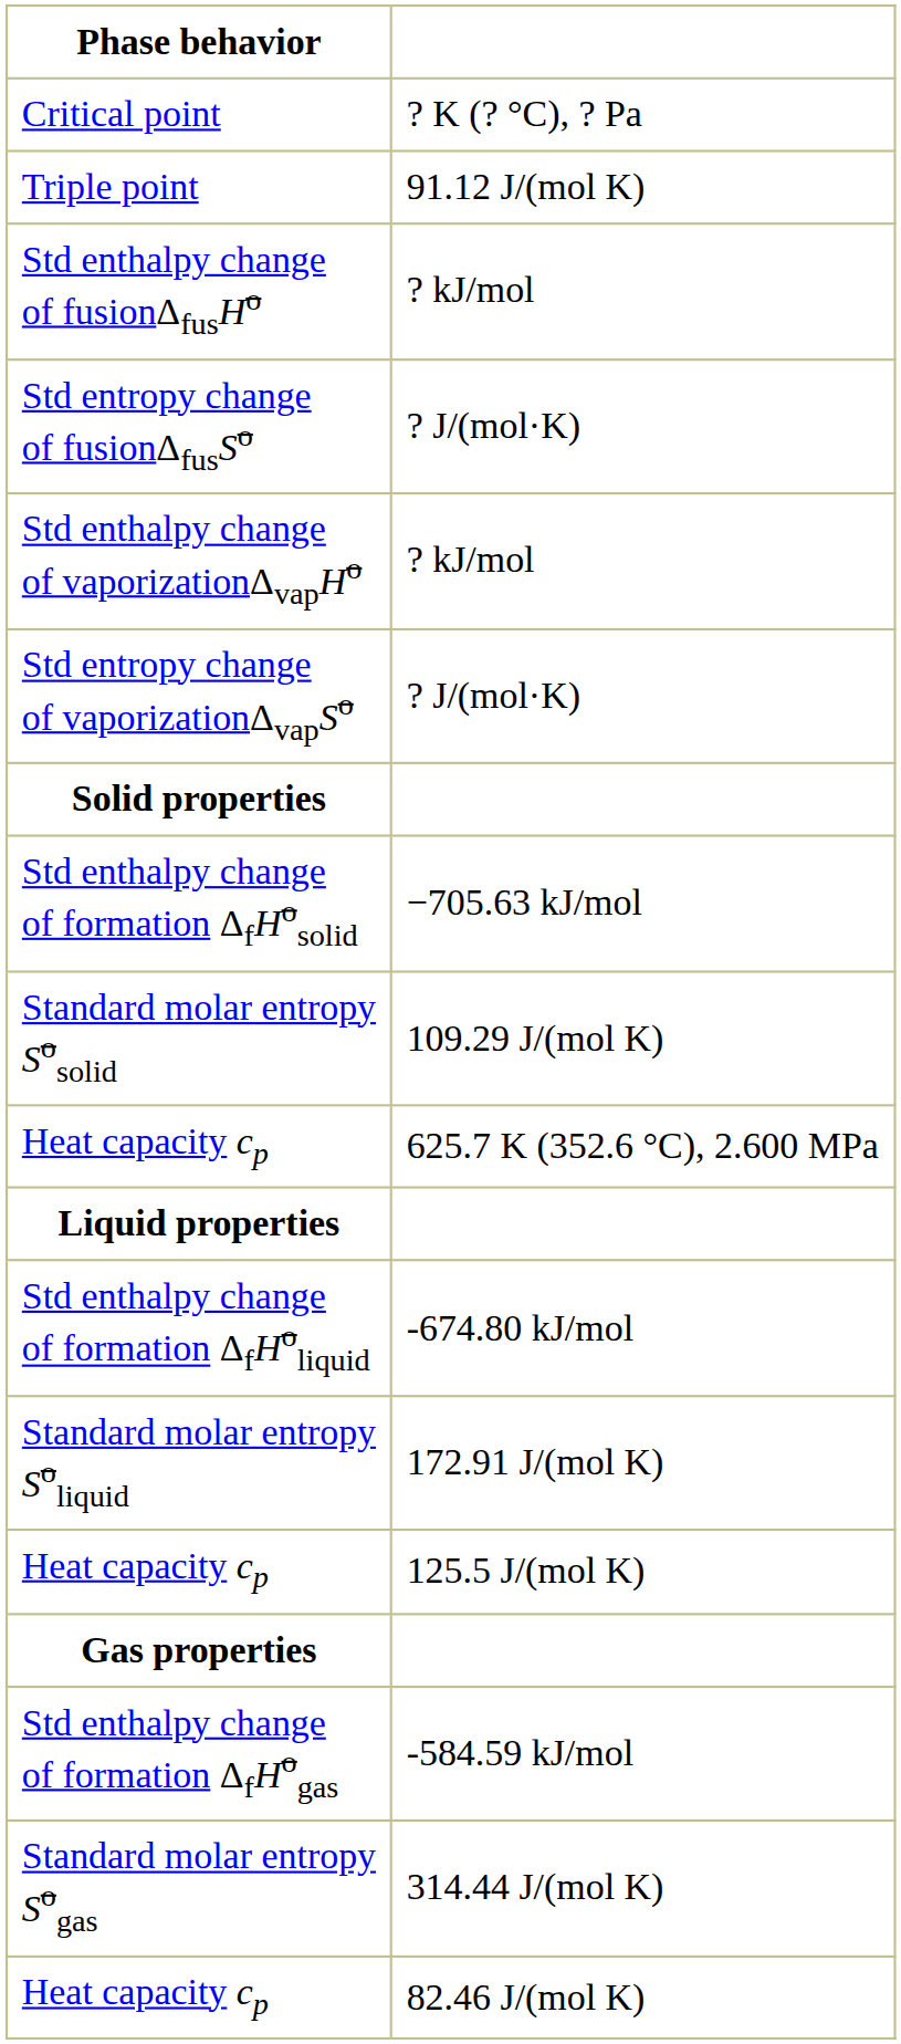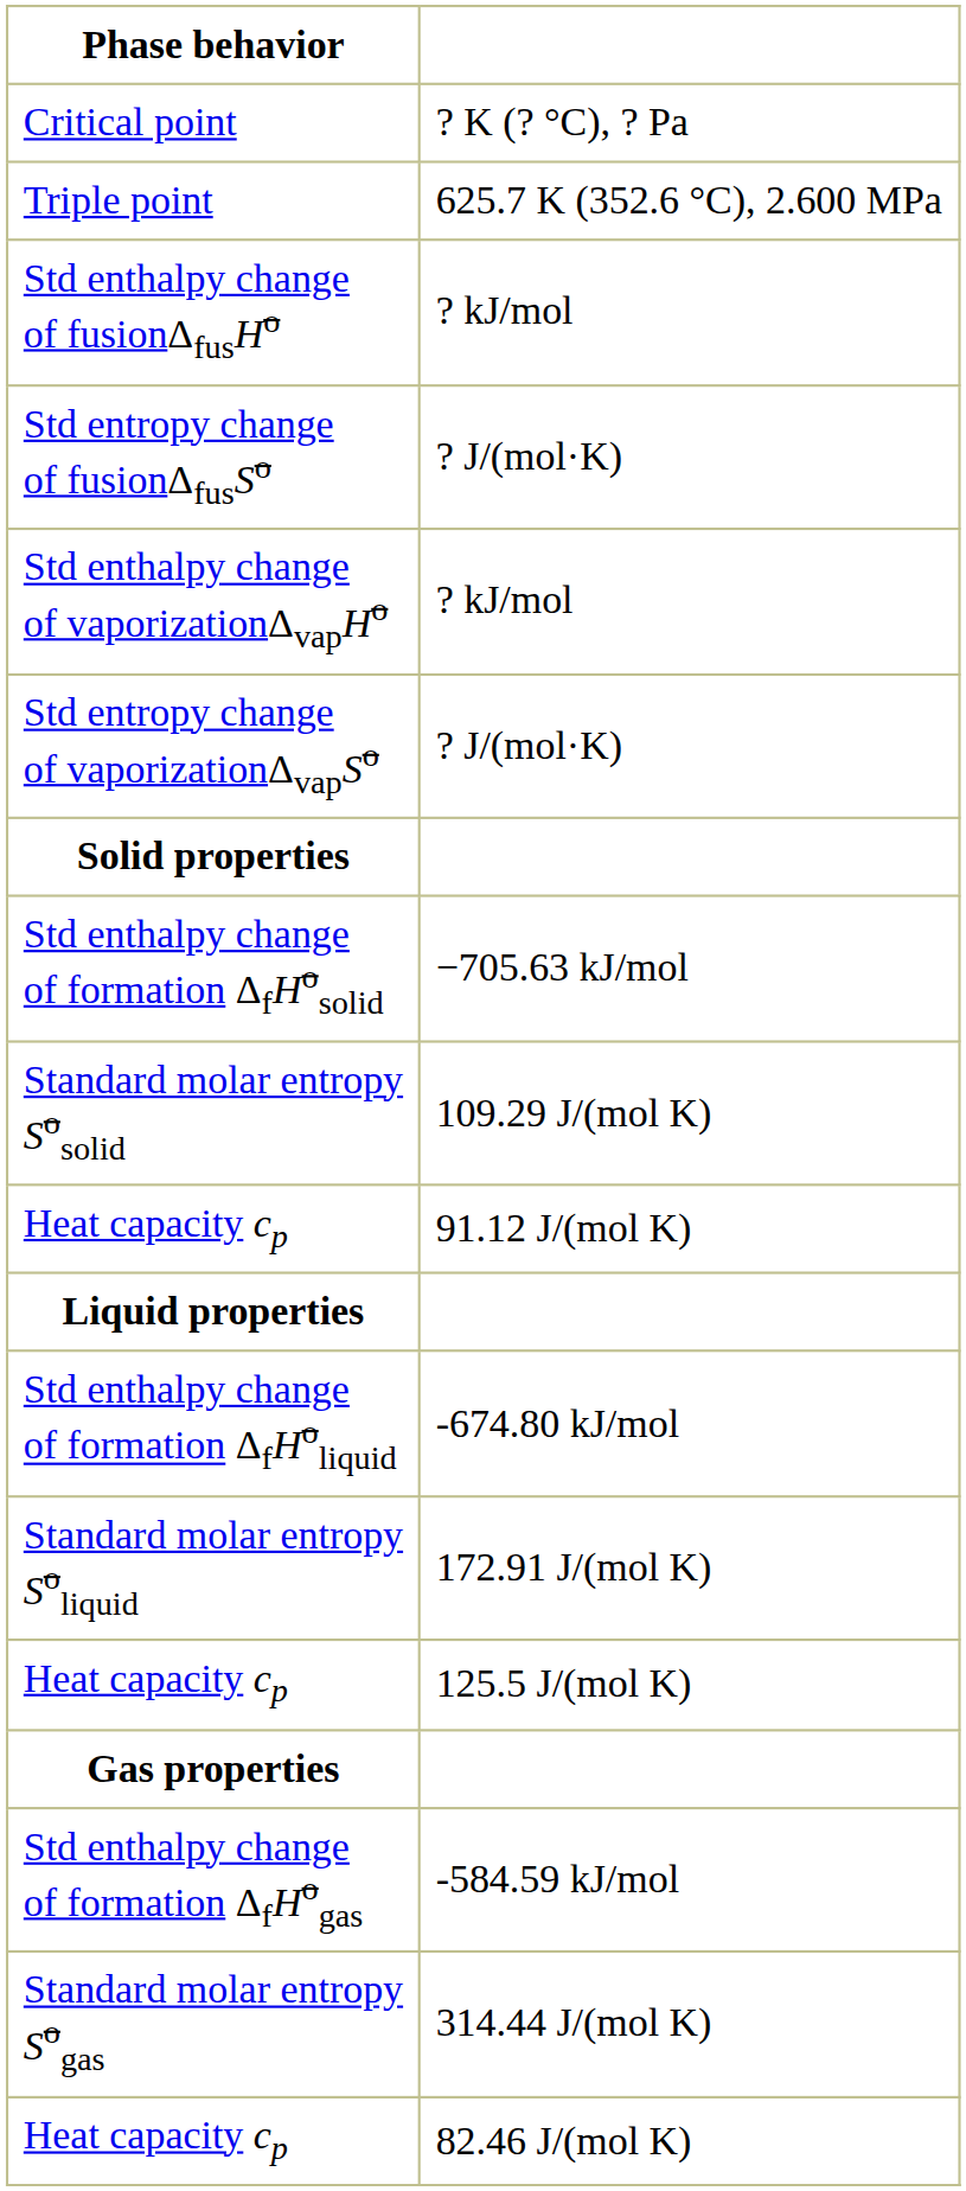 <table border="1" cellspacing="0" cellpadding="6" style="margin: 0 0 0 0.5em; background: #FFFFFF; border-collapse: collapse; border-color: #C0C090;">
 <tr>
 <th>Phase behavior</th>
 </tr>
 <tr>
 <td><a href='#'>Critical point</a></td>
 <td>? K (? °C), ? Pa</td>
 </tr>
 <tr>
 <td><a href='#'>Triple point</a></td>
-<td>91.12 J/(mol K)</td>
+<td>625.7 K (352.6 °C), 2.600 MPa</td>
 </tr>
 <tr>
 <td><a href='#'>Std enthalpy change<br>of fusion</a>Δ<sub>fus</sub><em>H</em><sup><s>o</s></sup></td>
 <td>? kJ/mol</td>
 </tr>
 <tr>
 <td><a href='#'>Std entropy change<br>of fusion</a>Δ<sub>fus</sub><em>S</em><sup><s>o</s></sup></td>
 <td>? J/(mol·K)</td>
 </tr>
 <tr>
 <td><a href='#'>Std enthalpy change<br>of vaporization</a>Δ<sub>vap</sub><em>H</em><sup><s>o</s></sup></td>
 <td>? kJ/mol</td>
 </tr>
 <tr>
 <td><a href='#'>Std entropy change<br>of vaporization</a>Δ<sub>vap</sub><em>S</em><sup><s>o</s></sup></td>
 <td>? J/(mol·K)</td>
 </tr>
 <tr>
 <th>Solid properties</th>
 </tr>
 <tr>
 <td><a href='#'>Std enthalpy change<br>of formation</a> Δ<sub>f</sub><em>H</em><sup><s>o</s></sup><sub>solid</sub></td>
 <td>−705.63 kJ/mol</td>
 </tr>
 <tr>
 <td><a href='#'>Standard molar entropy</a><br><em>S</em><sup><s>o</s></sup><sub>solid</sub></td>
 <td>109.29 J/(mol K)</td>
 </tr>
 <tr>
 <td><a href='#'>Heat capacity</a> <em>c<sub>p</sub></em></td>
-<td>625.7 K (352.6 °C), 2.600 MPa</td>
+<td>91.12 J/(mol K)</td>
 </tr>
 <tr>
 <th>Liquid properties</th>
 </tr>
 <tr>
 <td><a href='#'>Std enthalpy change<br>of formation</a> Δ<sub>f</sub><em>H</em><sup><s>o</s></sup><sub>liquid</sub></td>
 <td>-674.80 kJ/mol</td>
 </tr>
 <tr>
 <td><a href='#'>Standard molar entropy</a><br><em>S</em><sup><s>o</s></sup><sub>liquid</sub></td>
 <td>172.91 J/(mol K)</td>
 </tr>
 <tr>
 <td><a href='#'>Heat capacity</a> <em>c<sub>p</sub></em></td>
 <td>125.5 J/(mol K)</td>
 </tr>
 <tr>
 <th>Gas properties</th>
 </tr>
 <tr>
 <td><a href='#'>Std enthalpy change<br>of formation</a> Δ<sub>f</sub><em>H</em><sup><s>o</s></sup><sub>gas</sub></td>
 <td>-584.59 kJ/mol</td>
 </tr>
 <tr>
 <td><a href='#'>Standard molar entropy</a><br><em>S</em><sup><s>o</s></sup><sub>gas</sub></td>
 <td>314.44 J/(mol K)</td>
 </tr>
 <tr>
 <td><a href='#'>Heat capacity</a> <em>c<sub>p</sub></em></td>
 <td>82.46 J/(mol K)</td>
 </tr>
 <tr>
 </tr>
 </table>
